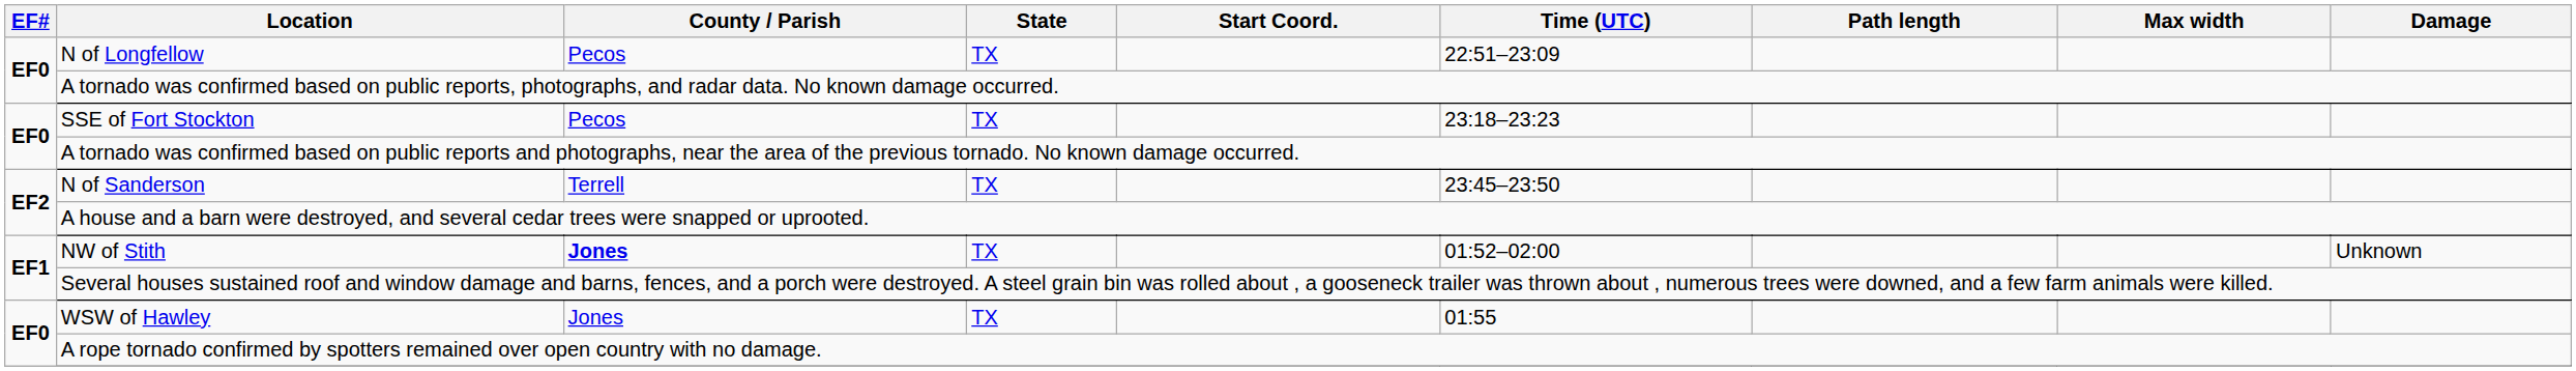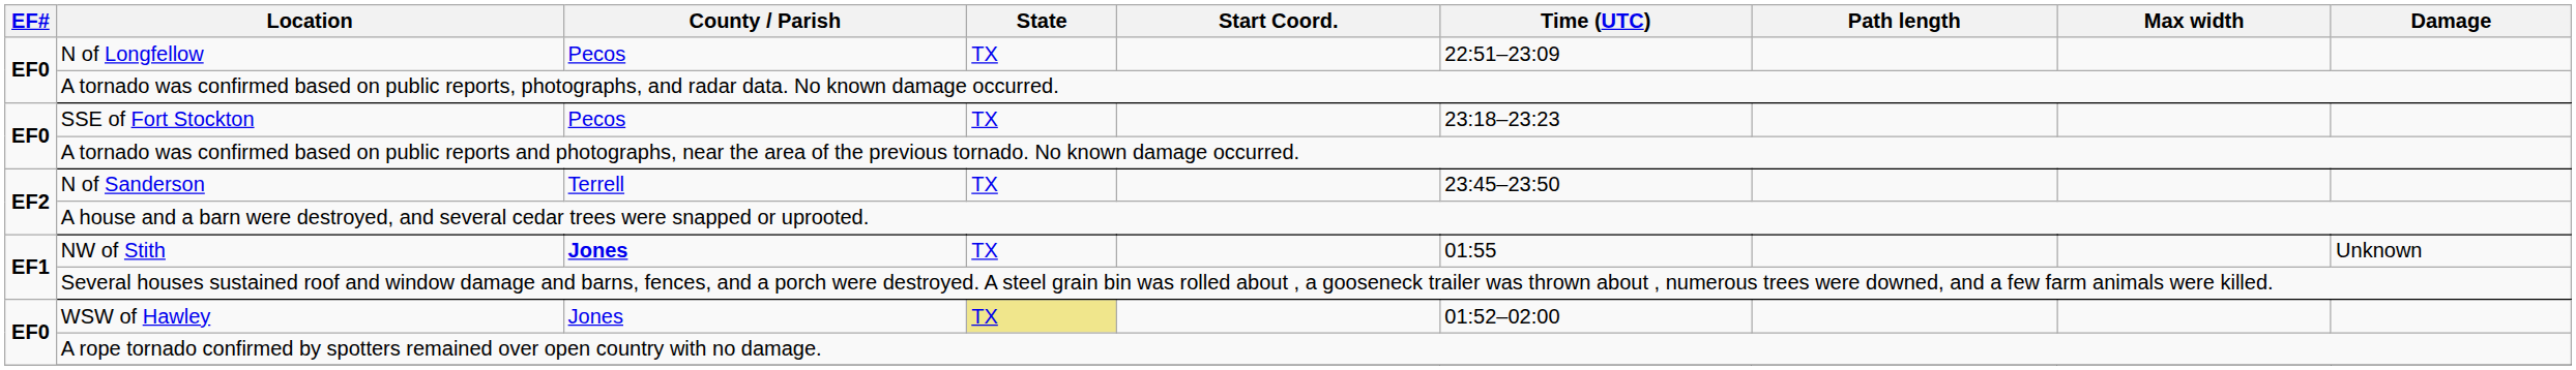 <table class="wikitable sortable" style="width:100%;">
 <tr>
 <th scope="col" width="2%" align="center"><a href='#'>EF#</a></th>
 <th scope="col" align="center" class="unsortable">Location</th>
 <th scope="col" align="center" class="unsortable">County / Parish</th>
 <th scope="col" align="center">State</th>
 <th scope="col" align="center" data-sort-type="number">Start Coord.</th>
 <th scope="col" align="center" data-sort-type="number">Time (<a href='#'>UTC</a>)</th>
 <th scope="col" align="center" data-sort-type="number">Path length</th>
 <th scope="col" align="center" data-sort-type="number">Max width</th>
 <th scope="col" align="center" data-sort-type="number">Damage<br></th>
 </tr>
 <tr>
 <td rowspan="2" align="center"><strong>EF0</strong></td>
 <td>N of <a href='#'>Longfellow</a></td>
 <td><a href='#'>Pecos</a></td>
 <td><a href='#'>TX</a></td>
 <td></td>
 <td>22:51–23:09</td>
 <td></td>
 <td></td>
 <td></td>
 </tr>
 <tr class="expand-child">
 <td colspan="8" style=" border-bottom: 1px solid black;">A tornado was confirmed based on public reports, photographs, and radar data. No known damage occurred.</td>
 </tr>
 <tr>
 <td rowspan="2" align="center"><strong>EF0</strong></td>
 <td>SSE of <a href='#'>Fort Stockton</a></td>
 <td><a href='#'>Pecos</a></td>
 <td><a href='#'>TX</a></td>
 <td></td>
 <td>23:18–23:23</td>
 <td></td>
 <td></td>
 <td></td>
 </tr>
 <tr class="expand-child">
 <td colspan="8" style=" border-bottom: 1px solid black;">A tornado was confirmed based on public reports and photographs, near the area of the previous tornado. No known damage occurred.</td>
 </tr>
 <tr>
 <td rowspan="2" align="center"><strong>EF2</strong></td>
 <td>N of <a href='#'>Sanderson</a></td>
 <td><a href='#'>Terrell</a></td>
 <td><a href='#'>TX</a></td>
 <td></td>
 <td>23:45–23:50</td>
 <td></td>
 <td></td>
 <td></td>
 </tr>
 <tr class="expand-child">
 <td colspan="8" style=" border-bottom: 1px solid black;">A house and a barn were destroyed, and several cedar trees were snapped or uprooted.</td>
 </tr>
 <tr>
 <td rowspan="2" align="center"><strong>EF1</strong></td>
 <td>NW of <a href='#'>Stith</a></td>
 <td><strong><a href='#'>Jones</a></strong></td>
 <td><a href='#'>TX</a></td>
 <td></td>
-<td>01:52–02:00</td>
+<td>01:55</td>
 <td></td>
 <td></td>
 <td>Unknown</td>
 </tr>
 <tr class="expand-child">
 <td colspan="8" style=" border-bottom: 1px solid black;">Several houses sustained roof and window damage and barns, fences, and a porch were destroyed. A steel grain bin was rolled about , a gooseneck trailer was thrown about , numerous trees were downed, and a few farm animals were killed.</td>
 </tr>
 <tr>
 <td rowspan="2" align="center"><strong>EF0</strong></td>
 <td>WSW of <a href='#'>Hawley</a></td>
 <td><a href='#'>Jones</a></td>
-<td><a href='#'>TX</a></td>
+<td style="background: khaki;"><a href='#'>TX</a></td>
 <td></td>
-<td>01:55</td>
+<td>01:52–02:00</td>
 <td></td>
 <td></td>
 <td></td>
 </tr>
 <tr class="expand-child">
 <td colspan="8" style=" border-bottom: 1px solid black;">A rope tornado confirmed by spotters remained over open country with no damage.</td>
 </tr>
 <tr>
 </tr>
 </table>
